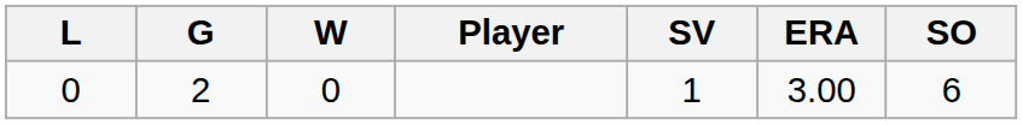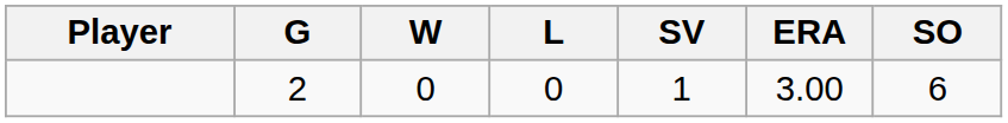 <table class="wikitable sortable">
 <tr>
-<th bgcolor="#DDDDFF" width="9%">L</th>
+<th bgcolor="#DDDDFF" width="16%">Player</th>
 <th bgcolor="#DDDDFF" width="9%">G</th>
 <th bgcolor="#DDDDFF" width="9%">W</th>
-<th bgcolor="#DDDDFF" width="16%">Player</th>
+<th bgcolor="#DDDDFF" width="9%">L</th>
 <th bgcolor="#DDDDFF" width="9%">SV</th>
 <th bgcolor="#DDDDFF" width="9%">ERA</th>
 <th bgcolor="#DDDDFF" width="9%">SO</th>
 </tr>
 <tr align="center">
-<td>0</td>
+<td></td>
 <td>2</td>
 <td>0</td>
-<td></td>
+<td>0</td>
 <td>1</td>
 <td>3.00</td>
 <td>6</td>
 </tr>
 </table>
